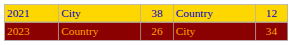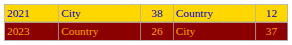 <table class="wikitable" style="width:25em">
 <tr style="background:gold; color:#0000cd;">
 <td>2021</td>
 <td>City</td>
 <td style="text-align:center">38</td>
 <td>Country</td>
 <td style="text-align:center">12</td>
 </tr>
 <tr style="background:gold; color:#0000cd;">
 </tr>
 <tr style="background:darkRed; color:orange;">
 <td>2023</td>
 <td>Country</td>
 <td style="text-align:center">26</td>
 <td>City</td>
-<td style="text-align:center">34</td>
+<td style="text-align:center">37</td>
 </tr>
 </table>
